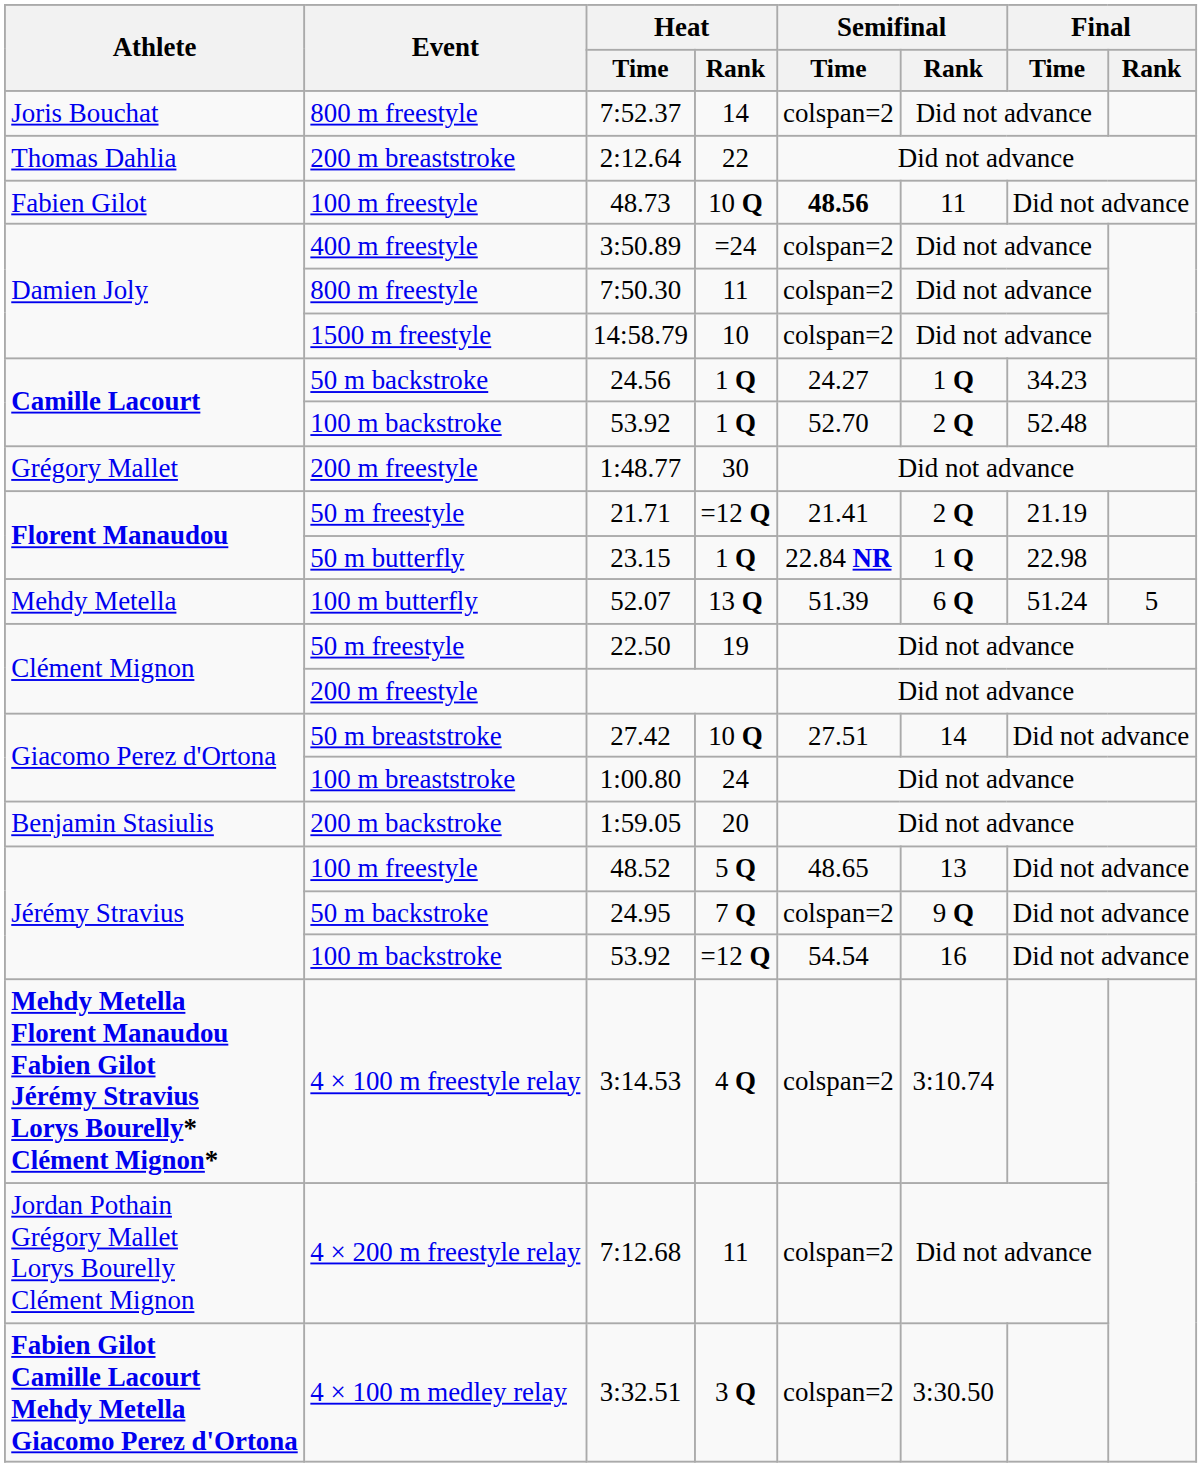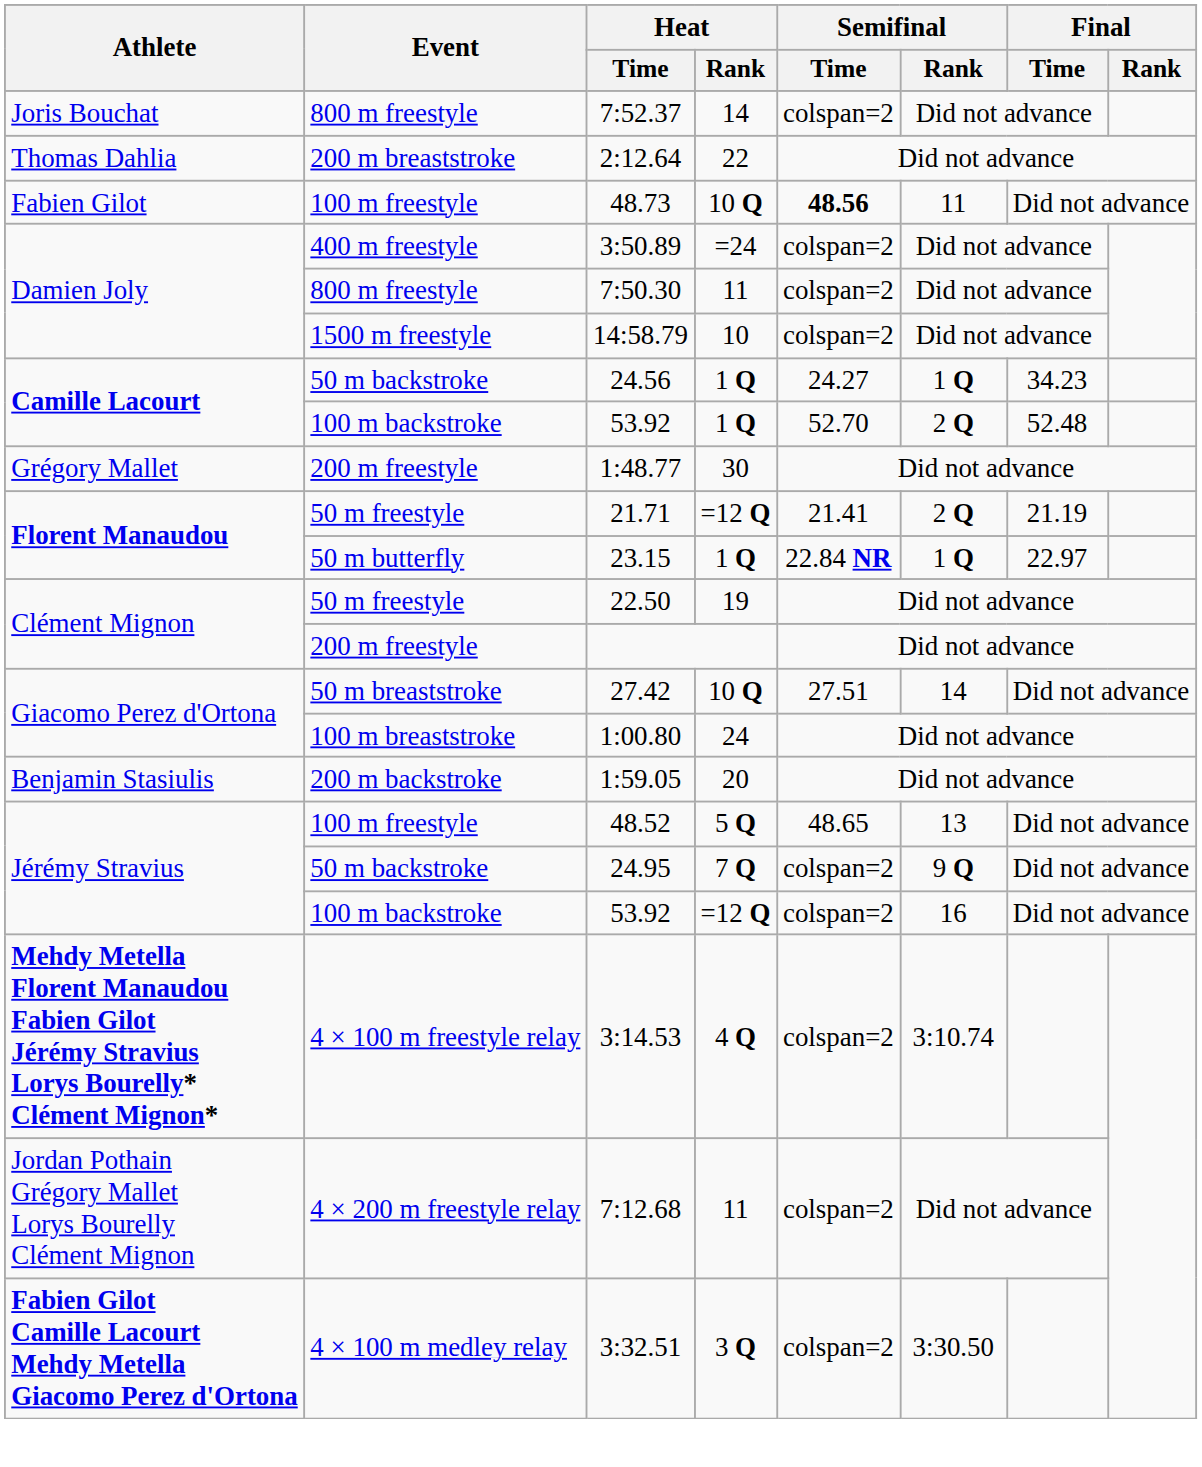 <table class=wikitable style="font-size:90%">
 <tr>
 <th rowspan="2">Athlete</th>
 <th rowspan="2">Event</th>
 <th colspan="2">Heat</th>
 <th colspan="2">Semifinal</th>
 <th colspan="2">Final</th>
 </tr>
 <tr style="font-size:95%">
 <th>Time</th>
 <th>Rank</th>
 <th>Time</th>
 <th>Rank</th>
 <th>Time</th>
 <th>Rank</th>
 </tr>
 <tr align=center>
 <td align=left><a href='#'>Joris Bouchat</a></td>
 <td align=left><a href='#'>800 m freestyle</a></td>
 <td>7:52.37</td>
 <td>14</td>
 <td>colspan=2 </td>
 <td colspan=2>Did not advance</td>
 </tr>
 <tr align=center>
 <td align=left><a href='#'>Thomas Dahlia</a></td>
 <td align=left><a href='#'>200 m breaststroke</a></td>
 <td>2:12.64</td>
 <td>22</td>
 <td colspan=4>Did not advance</td>
 </tr>
 <tr align=center>
 <td align=left><a href='#'>Fabien Gilot</a></td>
 <td align=left><a href='#'>100 m freestyle</a></td>
 <td>48.73</td>
 <td>10 <strong>Q</strong></td>
 <td><strong>48.56</strong></td>
 <td>11</td>
 <td colspan=2>Did not advance</td>
 </tr>
 <tr align=center>
 <td align=left rowspan=3><a href='#'>Damien Joly</a></td>
 <td align=left><a href='#'>400 m freestyle</a></td>
 <td>3:50.89</td>
 <td>=24</td>
 <td>colspan=2 </td>
 <td colspan=2>Did not advance</td>
 </tr>
 <tr align=center>
 <td align=left><a href='#'>800 m freestyle</a></td>
 <td>7:50.30</td>
 <td>11</td>
 <td>colspan=2 </td>
 <td colspan=2>Did not advance</td>
 </tr>
 <tr align=center>
 <td align=left><a href='#'>1500 m freestyle</a></td>
 <td>14:58.79</td>
 <td>10</td>
 <td>colspan=2 </td>
 <td colspan=2>Did not advance</td>
 </tr>
 <tr align=center>
 <td align=left rowspan=2><strong><a href='#'>Camille Lacourt</a></strong></td>
 <td align=left><a href='#'>50 m backstroke</a></td>
 <td>24.56</td>
 <td>1 <strong>Q</strong></td>
 <td>24.27</td>
 <td>1 <strong>Q</strong></td>
 <td>34.23</td>
 <td></td>
 </tr>
 <tr align=center>
 <td align=left><a href='#'>100 m backstroke</a></td>
 <td>53.92</td>
 <td>1 <strong>Q</strong></td>
 <td>52.70</td>
 <td>2 <strong>Q</strong></td>
 <td>52.48</td>
 <td></td>
 </tr>
 <tr align=center>
 <td align=left><a href='#'>Grégory Mallet</a></td>
 <td align=left><a href='#'>200 m freestyle</a></td>
 <td>1:48.77</td>
 <td>30</td>
 <td colspan=4>Did not advance</td>
 </tr>
 <tr align=center>
 <td align=left rowspan=2><strong><a href='#'>Florent Manaudou</a></strong></td>
 <td align=left><a href='#'>50 m freestyle</a></td>
 <td>21.71</td>
 <td>=12 <strong>Q</strong></td>
 <td>21.41</td>
 <td>2 <strong>Q</strong></td>
 <td>21.19</td>
 <td></td>
 </tr>
 <tr align=center>
 <td align=left><a href='#'>50 m butterfly</a></td>
 <td>23.15</td>
 <td>1 <strong>Q</strong></td>
 <td>22.84 <strong><a href='#'>NR</a></strong></td>
 <td>1 <strong>Q</strong></td>
-<td>22.98</td>
+<td>22.97</td>
 <td></td>
-</tr>
-<tr align=center>
-<td align=left><a href='#'>Mehdy Metella</a></td>
-<td align=left><a href='#'>100 m butterfly</a></td>
-<td>52.07</td>
-<td>13 <strong>Q</strong></td>
-<td>51.39</td>
-<td>6 <strong>Q</strong></td>
-<td>51.24</td>
-<td>5</td>
 </tr>
 <tr align=center>
 <td align=left rowspan=2><a href='#'>Clément Mignon</a></td>
 <td align=left><a href='#'>50 m freestyle</a></td>
 <td>22.50</td>
 <td>19</td>
 <td colspan=4>Did not advance</td>
 </tr>
 <tr align=center>
 <td align=left><a href='#'>200 m freestyle</a></td>
 <td colspan=2></td>
 <td colspan=4>Did not advance</td>
 </tr>
 <tr align=center>
 <td align=left rowspan=2><a href='#'>Giacomo Perez d'Ortona</a></td>
 <td align=left><a href='#'>50 m breaststroke</a></td>
 <td>27.42</td>
 <td>10 <strong>Q</strong></td>
 <td>27.51</td>
 <td>14</td>
 <td colspan=2>Did not advance</td>
 </tr>
 <tr align=center>
 <td align=left><a href='#'>100 m breaststroke</a></td>
 <td>1:00.80</td>
 <td>24</td>
 <td colspan=4>Did not advance</td>
 </tr>
 <tr align=center>
 <td align=left><a href='#'>Benjamin Stasiulis</a></td>
 <td align=left><a href='#'>200 m backstroke</a></td>
 <td>1:59.05</td>
 <td>20</td>
 <td colspan=4>Did not advance</td>
 </tr>
 <tr align=center>
 <td align=left rowspan=3><a href='#'>Jérémy Stravius</a></td>
 <td align=left><a href='#'>100 m freestyle</a></td>
 <td>48.52</td>
 <td>5 <strong>Q</strong></td>
 <td>48.65</td>
 <td>13</td>
 <td colspan=2>Did not advance</td>
 </tr>
 <tr align=center>
 <td align=left><a href='#'>50 m backstroke</a></td>
 <td>24.95</td>
 <td>7 <strong>Q</strong></td>
 <td>colspan=2 </td>
 <td>9 <strong>Q</strong></td>
 <td colspan=2>Did not advance</td>
 </tr>
 <tr align=center>
 <td align=left><a href='#'>100 m backstroke</a></td>
 <td>53.92</td>
 <td>=12 <strong>Q</strong></td>
-<td>54.54</td>
+<td>colspan=2 </td>
 <td>16</td>
 <td colspan=2>Did not advance</td>
 </tr>
 <tr align=center>
 <td align=left><strong><a href='#'>Mehdy Metella</a><br><a href='#'>Florent Manaudou</a><br><a href='#'>Fabien Gilot</a><br><a href='#'>Jérémy Stravius</a><br><a href='#'>Lorys Bourelly</a>*<br><a href='#'>Clément Mignon</a>*</strong></td>
 <td align=left><a href='#'>4 × 100 m freestyle relay</a></td>
 <td>3:14.53</td>
 <td>4 <strong>Q</strong></td>
 <td>colspan=2 </td>
 <td>3:10.74</td>
 <td></td>
 </tr>
 <tr align=center>
 <td align=left><a href='#'>Jordan Pothain</a><br><a href='#'>Grégory Mallet</a><br><a href='#'>Lorys Bourelly</a><br><a href='#'>Clément Mignon</a></td>
 <td align=left><a href='#'>4 × 200 m freestyle relay</a></td>
 <td>7:12.68</td>
 <td>11</td>
 <td>colspan=2 </td>
 <td colspan=2>Did not advance</td>
 </tr>
 <tr align=center>
 <td align=left><strong><a href='#'>Fabien Gilot</a><br><a href='#'>Camille Lacourt</a><br><a href='#'>Mehdy Metella</a><br><a href='#'>Giacomo Perez d'Ortona</a></strong></td>
 <td align=left><a href='#'>4 × 100 m medley relay</a></td>
 <td>3:32.51</td>
 <td>3 <strong>Q</strong></td>
 <td>colspan=2 </td>
 <td>3:30.50</td>
 <td></td>
 </tr>
 </table>
